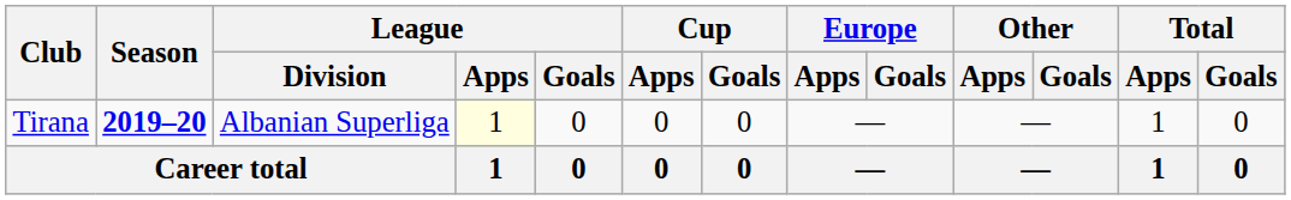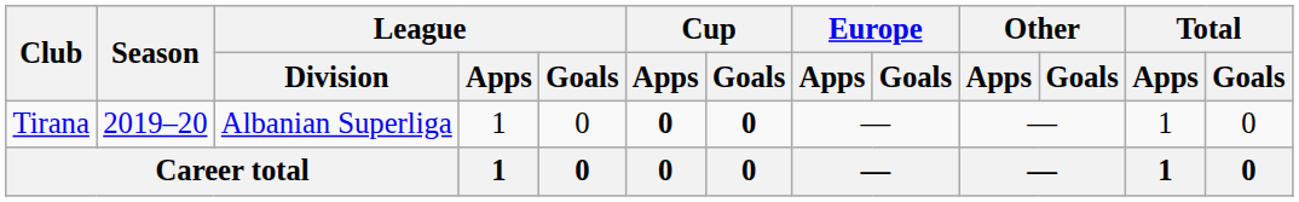 <table class="wikitable" style="text-align:center">
 <tr>
 <th rowspan="2">Club</th>
 <th rowspan="2">Season</th>
 <th colspan="3">League</th>
 <th colspan="2">Cup</th>
 <th colspan="2"><a href='#'>Europe</a></th>
 <th colspan="2">Other</th>
 <th colspan="2">Total</th>
 </tr>
 <tr>
 <th>Division</th>
 <th>Apps</th>
 <th>Goals</th>
 <th>Apps</th>
 <th>Goals</th>
 <th>Apps</th>
 <th>Goals</th>
 <th>Apps</th>
 <th>Goals</th>
 <th>Apps</th>
 <th>Goals</th>
 </tr>
 <tr>
 <td><a href='#'>Tirana</a></td>
-<td><strong><a href='#'>2019–20</a></strong></td>
+<td><a href='#'>2019–20</a></td>
 <td rowspan="1"><a href='#'>Albanian Superliga</a></td>
-<td style="background: lightyellow;">1</td>
+<td>1</td>
 <td>0</td>
-<td>0</td>
-<td>0</td>
+<td><strong>0</strong></td>
+<td><strong>0</strong></td>
 <td colspan="2">—</td>
 <td colspan="2">—</td>
 <td>1</td>
 <td>0</td>
 </tr>
 <tr>
 <th colspan="3">Career total</th>
 <th>1</th>
 <th>0</th>
 <th>0</th>
 <th>0</th>
 <th colspan="2">—</th>
 <th colspan="2">—</th>
 <th>1</th>
 <th>0</th>
 </tr>
 </table>
